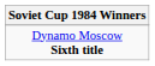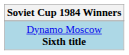 <table class="wikitable" style="text-align: center; margin: 0 auto;">
 <tr>
 <th>Soviet Cup 1984 Winners</th>
 </tr>
 <tr>
 </tr>
 <tr>
-<td><a href='#'>Dynamo Moscow</a><br><strong>Sixth title</strong></td>
+<td style="background: lightblue;"><a href='#'>Dynamo Moscow</a><br><strong>Sixth title</strong></td>
 </tr>
 </table>
